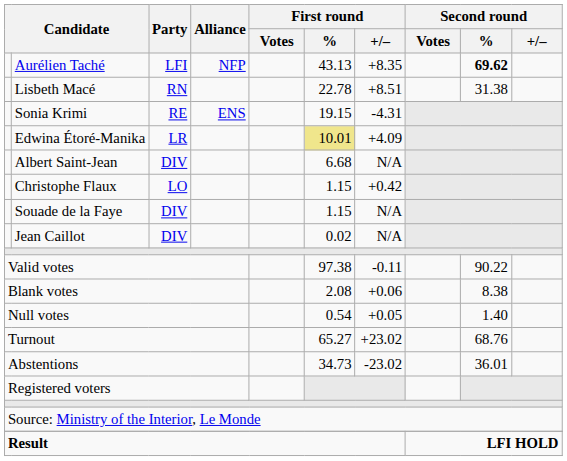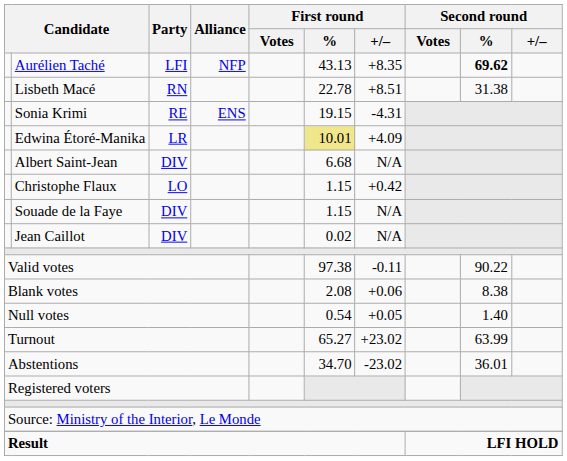 <table class="wikitable" style="text-align:right;font-size:95%;">
 <tr>
 <th rowspan="2" colspan="2">Candidate</th>
 <th rowspan="2">Party</th>
 <th rowspan="2">Alliance</th>
 <th colspan="3">First round</th>
 <th colspan="3">Second round</th>
 </tr>
 <tr>
 <th style="width:50px;">Votes</th>
 <th style="width:45px;">%</th>
 <th style="width:45px;">+/–</th>
 <th style="width:50px;">Votes</th>
 <th style="width:45px;">%</th>
 <th style="width:45px;">+/–</th>
 </tr>
 <tr>
 <td style="color:inherit;background:"></td>
 <td style="text-align:left;"><a href='#'>Aurélien Taché</a></td>
 <td><a href='#'>LFI</a></td>
 <td><a href='#'>NFP</a></td>
 <td></td>
 <td>43.13</td>
 <td>+8.35</td>
 <td><strong></strong></td>
 <td><strong>69.62</strong></td>
 <td></td>
 </tr>
 <tr>
 <td style="color:inherit;background:"></td>
 <td style="text-align:left;">Lisbeth Macé</td>
 <td><a href='#'>RN</a></td>
 <td></td>
 <td></td>
 <td>22.78</td>
 <td>+8.51</td>
 <td></td>
 <td>31.38</td>
 <td></td>
 </tr>
 <tr>
 <td style="color:inherit;background:"></td>
 <td style="text-align:left;">Sonia Krimi</td>
 <td><a href='#'>RE</a></td>
 <td><a href='#'>ENS</a></td>
 <td></td>
 <td>19.15</td>
 <td>-4.31</td>
 <td colspan="3" style="background:#E9E9E9;"></td>
 </tr>
 <tr>
 <td style="color:inherit;background:"></td>
 <td style="text-align:left;">Edwina Étoré-Manika</td>
 <td><a href='#'>LR</a></td>
 <td></td>
 <td></td>
 <td style="background: khaki;">10.01</td>
 <td>+4.09</td>
 <td colspan="3" style="background:#E9E9E9;"></td>
 </tr>
 <tr>
 <td style="color:inherit;background:"></td>
 <td style="text-align:left;">Albert Saint-Jean</td>
 <td><a href='#'>DIV</a></td>
 <td></td>
 <td></td>
 <td>6.68</td>
 <td>N/A</td>
 <td colspan="3" style="background:#E9E9E9;"></td>
 </tr>
 <tr>
 <td style="color:inherit;background:"></td>
 <td style="text-align:left;">Christophe Flaux</td>
 <td><a href='#'>LO</a></td>
 <td></td>
 <td></td>
 <td>1.15</td>
 <td>+0.42</td>
 <td colspan="3" style="background:#E9E9E9;"></td>
 </tr>
 <tr>
 <td style="color:inherit;background:"></td>
 <td style="text-align:left;">Souade de la Faye</td>
 <td><a href='#'>DIV</a></td>
 <td></td>
 <td></td>
 <td>1.15</td>
 <td>N/A</td>
 <td colspan="3" style="background:#E9E9E9;"></td>
 </tr>
 <tr>
 <td style="color:inherit;background:"></td>
 <td style="text-align:left;">Jean Caillot</td>
 <td><a href='#'>DIV</a></td>
 <td></td>
 <td></td>
 <td>0.02</td>
 <td>N/A</td>
 <td colspan="3" style="background:#E9E9E9;"></td>
 </tr>
 <tr>
 <td colspan="10" style="background:#E9E9E9;"></td>
 </tr>
 <tr>
 <td colspan="4" style="text-align:left;">Valid votes</td>
 <td></td>
 <td>97.38</td>
 <td>-0.11</td>
 <td></td>
 <td>90.22</td>
 <td></td>
 </tr>
 <tr>
 <td colspan="4" style="text-align:left;">Blank votes</td>
 <td></td>
 <td>2.08</td>
 <td>+0.06</td>
 <td></td>
 <td>8.38</td>
 <td></td>
 </tr>
 <tr>
 <td colspan="4" style="text-align:left;">Null votes</td>
 <td></td>
 <td>0.54</td>
 <td>+0.05</td>
 <td></td>
 <td>1.40</td>
 <td></td>
 </tr>
 <tr>
 <td colspan="4" style="text-align:left;">Turnout</td>
 <td></td>
 <td>65.27</td>
 <td>+23.02</td>
 <td></td>
-<td>68.76</td>
+<td>63.99</td>
 <td></td>
 </tr>
 <tr>
 <td colspan="4" style="text-align:left;">Abstentions</td>
 <td></td>
-<td>34.73</td>
+<td>34.70</td>
 <td>-23.02</td>
 <td></td>
 <td>36.01</td>
 <td></td>
 </tr>
 <tr>
 <td colspan="4" style="text-align:left;">Registered voters</td>
 <td></td>
 <td colspan="2" style="background:#E9E9E9;"></td>
 <td></td>
 <td colspan="2" style="background:#E9E9E9;"></td>
 </tr>
 <tr>
 <td colspan="10" style="background:#E9E9E9;"></td>
 </tr>
 <tr>
 <td colspan="10" style="text-align:left;">Source: <a href='#'>Ministry of the Interior</a>, <a href='#'>Le Monde</a></td>
 </tr>
 <tr>
 </tr>
 <tr style="font-weight:bold">
 <td colspan="7" style="text-align:left;">Result</td>
 <td colspan="7" style="background-color:">LFI HOLD</td>
 </tr>
 </table>
